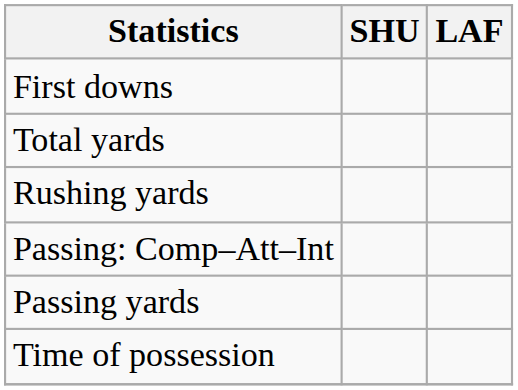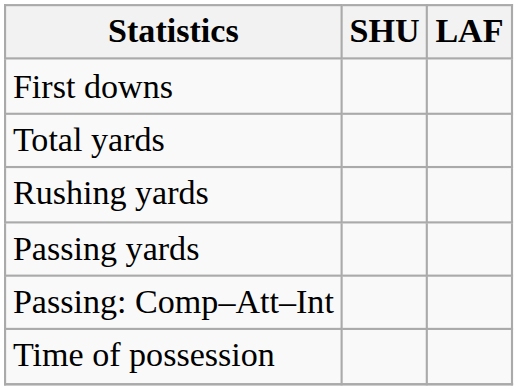 <table class="wikitable" style="float: left;">
 <tr>
 <th>Statistics</th>
 <th>SHU</th>
 <th>LAF</th>
 </tr>
 <tr>
 <td>First downs</td>
 <td></td>
 <td></td>
 </tr>
 <tr>
 <td>Total yards</td>
 <td></td>
 <td></td>
 </tr>
 <tr>
 <td>Rushing yards</td>
 <td></td>
 <td></td>
 </tr>
 <tr>
-<td>Passing: Comp–Att–Int</td>
+<td>Passing yards</td>
 <td></td>
 <td></td>
 </tr>
 <tr>
-<td>Passing yards</td>
+<td>Passing: Comp–Att–Int</td>
 <td></td>
 <td></td>
 </tr>
 <tr>
 <td>Time of possession</td>
 <td></td>
 <td></td>
 </tr>
 <tr>
 </tr>
 </table>
